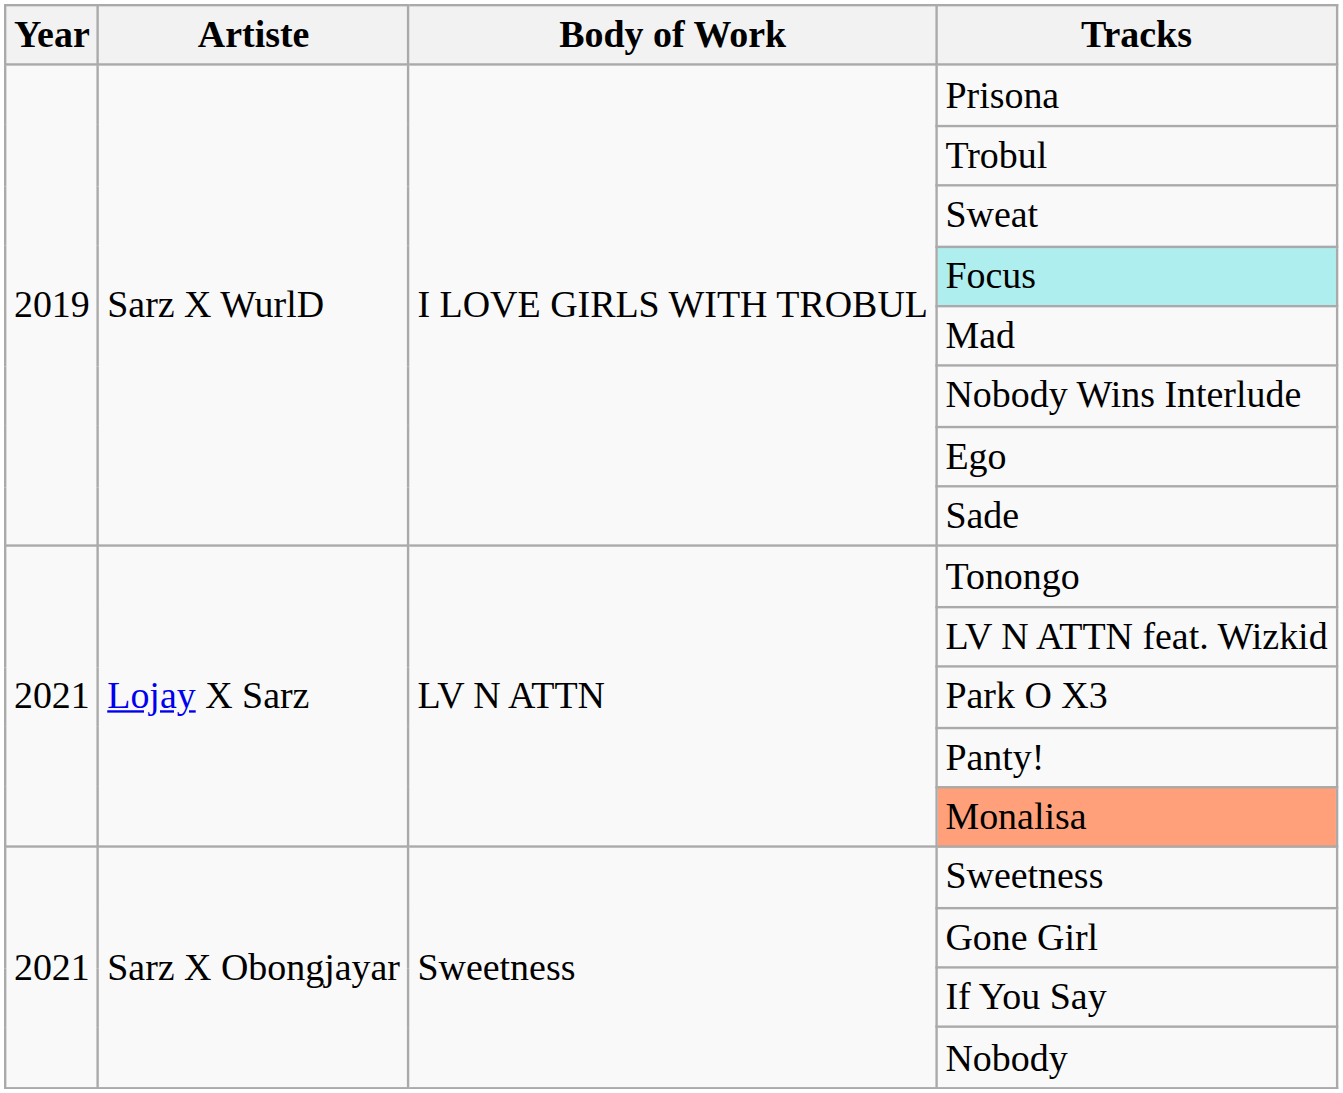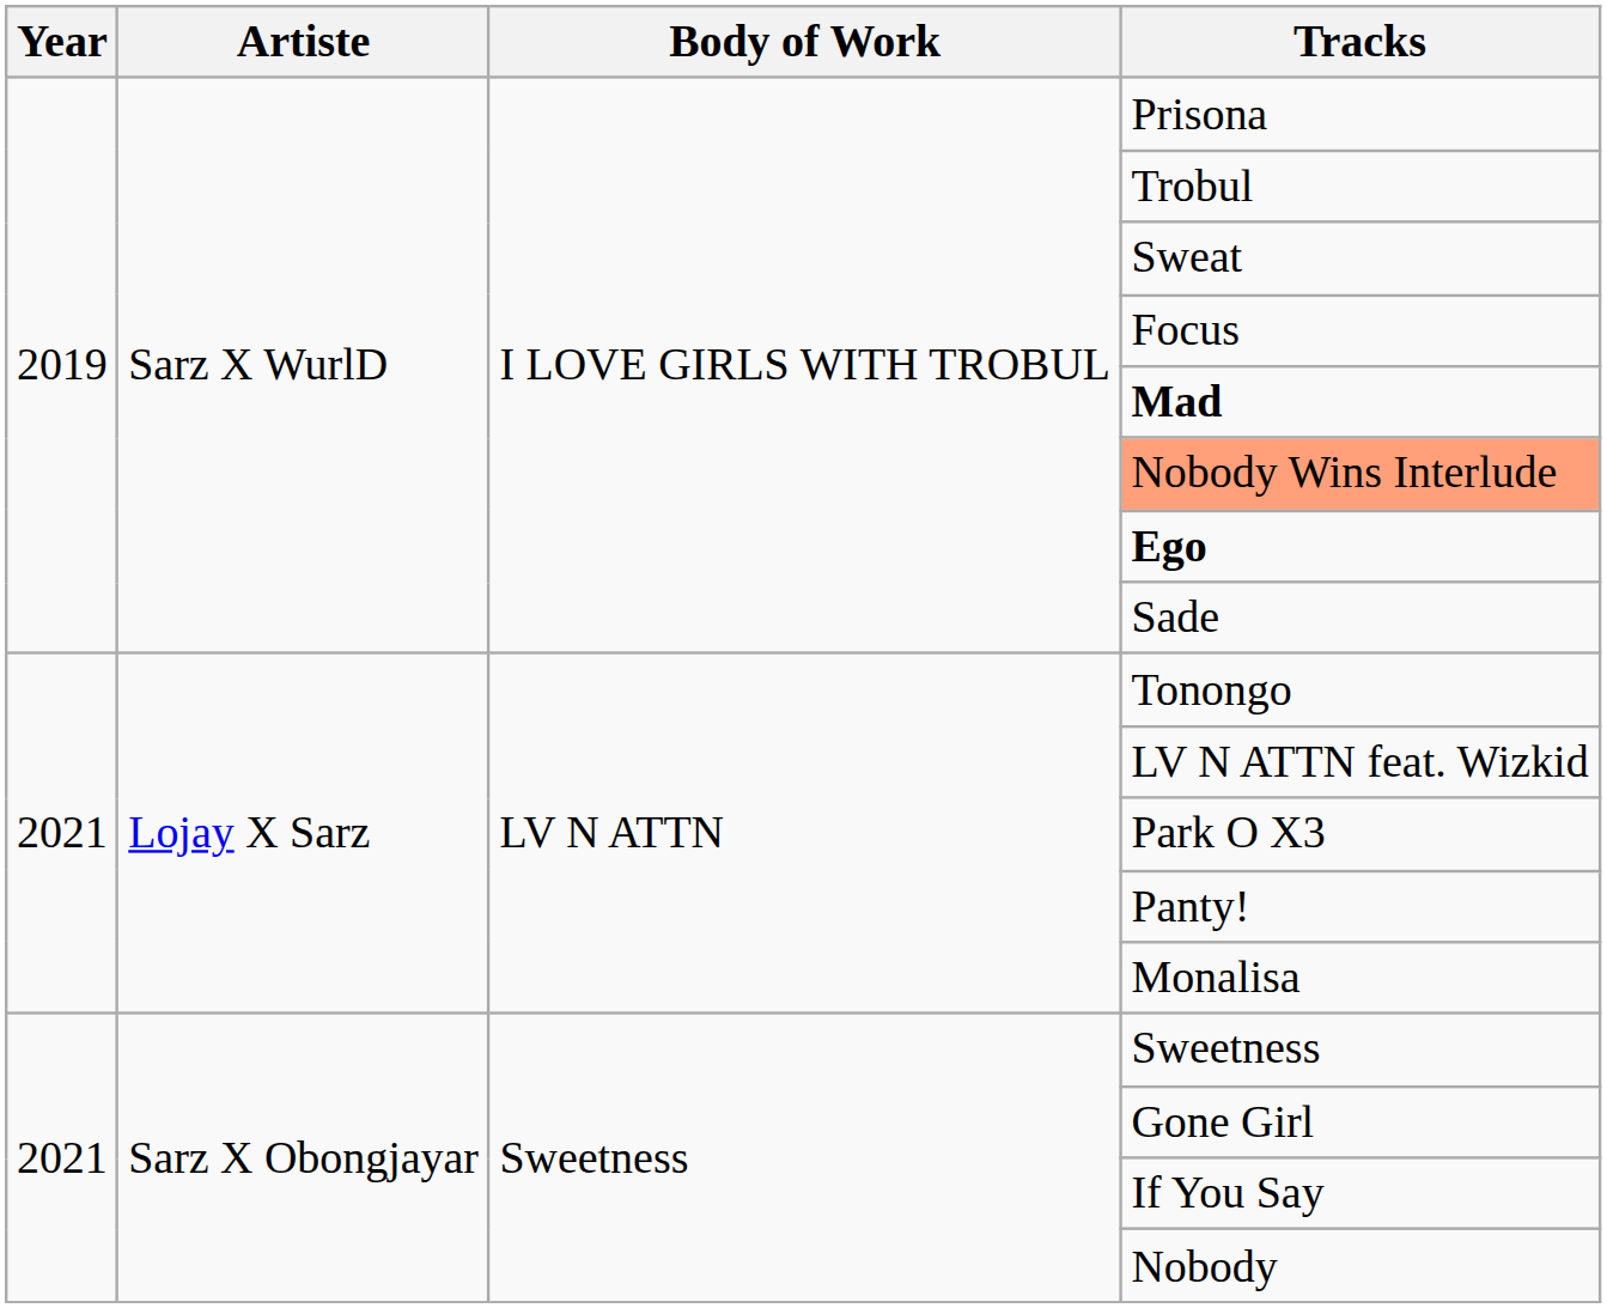 <table class ="wikitable">
 <tr>
 <th>Year</th>
 <th>Artiste</th>
 <th>Body of Work</th>
 <th>Tracks</th>
 </tr>
 <tr>
 <td rowspan="8">2019</td>
 <td rowspan="8">Sarz X WurlD</td>
 <td rowspan="8">I LOVE GIRLS WITH TROBUL</td>
 <td>Prisona</td>
 </tr>
 <tr>
 <td>Trobul</td>
 </tr>
 <tr>
 <td>Sweat</td>
 </tr>
 <tr>
-<td style="background: paleturquoise;">Focus</td>
+<td>Focus</td>
 </tr>
 <tr>
-<td>Mad</td>
+<td><strong>Mad</strong></td>
 </tr>
 <tr>
-<td>Nobody Wins Interlude</td>
+<td style="background: lightsalmon;">Nobody Wins Interlude</td>
 </tr>
 <tr>
-<td>Ego</td>
+<td><strong>Ego</strong></td>
 </tr>
 <tr>
 <td>Sade</td>
 </tr>
 <tr>
 <td rowspan="5">2021</td>
 <td rowspan="5"><a href='#'>Lojay</a> X Sarz</td>
 <td rowspan="5">LV N ATTN</td>
 <td>Tonongo</td>
 </tr>
 <tr>
 <td>LV N ATTN feat. Wizkid</td>
 </tr>
 <tr>
 <td>Park O X3</td>
 </tr>
 <tr>
 <td>Panty!</td>
 </tr>
 <tr>
-<td style="background: lightsalmon;">Monalisa</td>
+<td>Monalisa</td>
 </tr>
 <tr>
 <td rowspan="4">2021</td>
 <td rowspan="4">Sarz X Obongjayar</td>
 <td rowspan="4">Sweetness</td>
 <td>Sweetness</td>
 </tr>
 <tr>
 <td>Gone Girl</td>
 </tr>
 <tr>
 <td>If You Say</td>
 </tr>
 <tr>
 <td>Nobody</td>
 </tr>
 </table>
